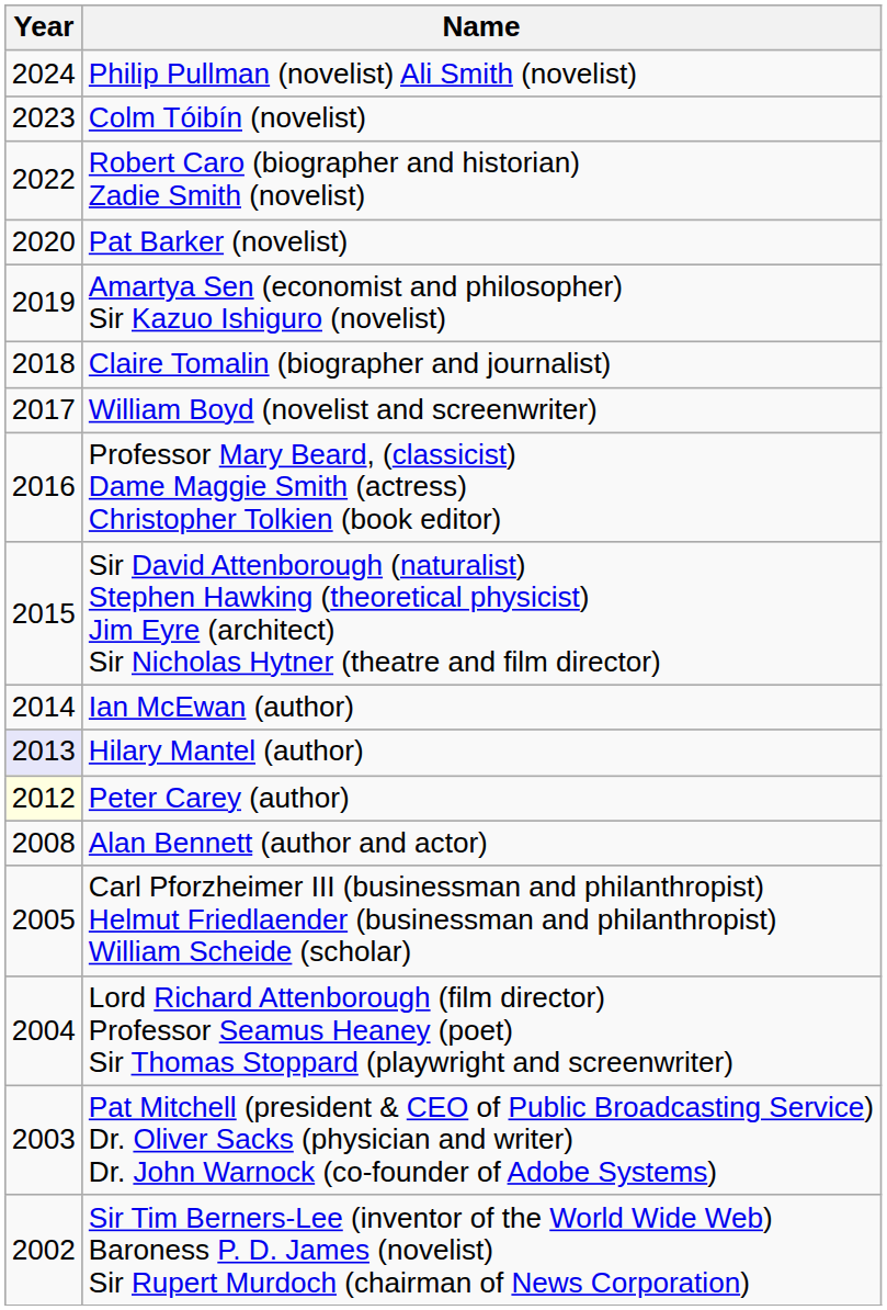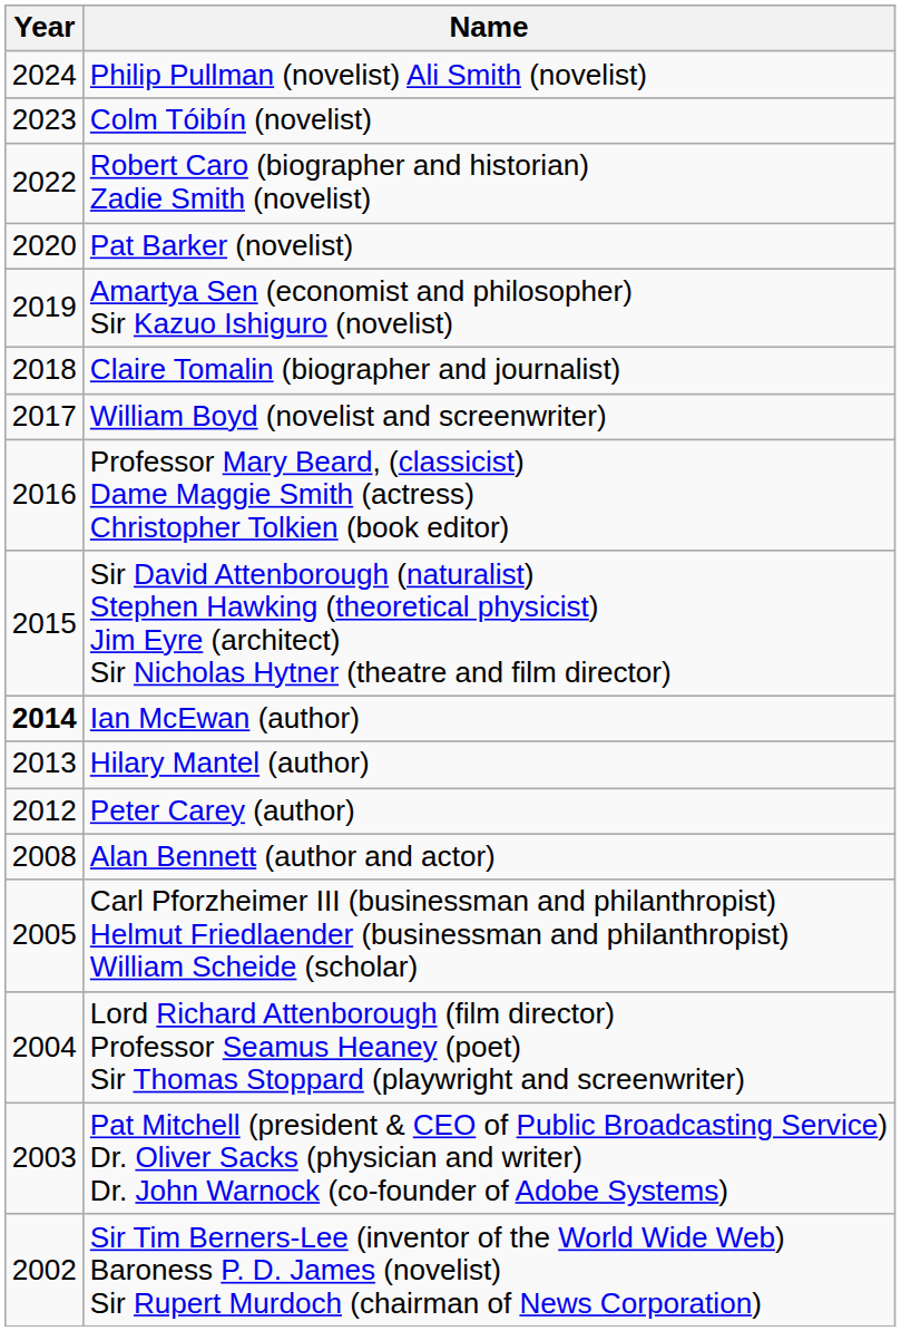 <table class="wikitable">
 <tr>
 <th>Year</th>
 <th>Name</th>
 </tr>
 <tr>
 <td>2024</td>
 <td><a href='#'>Philip Pullman</a> (novelist) <a href='#'>Ali Smith</a> (novelist)</td>
 </tr>
 <tr>
 <td>2023</td>
 <td><a href='#'>Colm Tóibín</a> (novelist)</td>
 </tr>
 <tr>
 <td>2022</td>
 <td><a href='#'>Robert Caro</a> (biographer and historian)<br><a href='#'>Zadie Smith</a> (novelist)</td>
 </tr>
 <tr>
 <td>2020</td>
 <td><a href='#'>Pat Barker</a> (novelist)</td>
 </tr>
 <tr>
 <td>2019</td>
 <td><a href='#'>Amartya Sen</a> (economist and philosopher)<br>Sir <a href='#'>Kazuo Ishiguro</a> (novelist)</td>
 </tr>
 <tr>
 <td>2018</td>
 <td><a href='#'>Claire Tomalin</a> (biographer and journalist)</td>
 </tr>
 <tr>
 <td>2017</td>
 <td><a href='#'>William Boyd</a> (novelist and screenwriter)</td>
 </tr>
 <tr>
 <td>2016</td>
 <td>Professor <a href='#'>Mary Beard</a>, (<a href='#'>classicist</a>) <br><a href='#'>Dame Maggie Smith</a> (actress) <br><a href='#'>Christopher Tolkien</a> (book editor)</td>
 </tr>
 <tr>
 <td>2015</td>
 <td>Sir <a href='#'>David Attenborough</a> (<a href='#'>naturalist</a>)<br><a href='#'>Stephen Hawking</a> (<a href='#'>theoretical physicist</a>) <br><a href='#'>Jim Eyre</a> (architect) <br>Sir <a href='#'>Nicholas Hytner</a> (theatre and film director)</td>
 </tr>
 <tr>
-<td>2014</td>
+<td><strong>2014</strong></td>
 <td><a href='#'>Ian McEwan</a> (author)</td>
 </tr>
 <tr>
-<td style="background: lavender;">2013</td>
+<td>2013</td>
 <td><a href='#'>Hilary Mantel</a> (author)</td>
 </tr>
 <tr>
-<td style="background: lightyellow;">2012</td>
+<td>2012</td>
 <td><a href='#'>Peter Carey</a> (author)</td>
 </tr>
 <tr>
 <td>2008</td>
 <td><a href='#'>Alan Bennett</a> (author and actor)</td>
 </tr>
 <tr>
 <td>2005</td>
 <td>Carl Pforzheimer III (businessman and philanthropist) <br><a href='#'>Helmut Friedlaender</a> (businessman and philanthropist) <br><a href='#'>William Scheide</a> (scholar)</td>
 </tr>
 <tr>
 <td>2004</td>
 <td>Lord <a href='#'>Richard Attenborough</a> (film director) <br>Professor <a href='#'>Seamus Heaney</a> (poet) <br>Sir <a href='#'>Thomas Stoppard</a> (playwright and screenwriter)</td>
 </tr>
 <tr>
 <td>2003</td>
 <td><a href='#'>Pat Mitchell</a> (president & <a href='#'>CEO</a> of <a href='#'>Public Broadcasting Service</a>) <br>Dr. <a href='#'>Oliver Sacks</a> (physician and writer) <br>Dr. <a href='#'>John Warnock</a> (co-founder of <a href='#'>Adobe Systems</a>)</td>
 </tr>
 <tr>
 <td>2002</td>
 <td><a href='#'>Sir Tim Berners-Lee</a> (inventor of the <a href='#'>World Wide Web</a>) <br>Baroness <a href='#'>P. D. James</a> (novelist) <br>Sir <a href='#'>Rupert Murdoch</a> (chairman of <a href='#'>News Corporation</a>)</td>
 </tr>
 <tr>
 </tr>
 </table>
